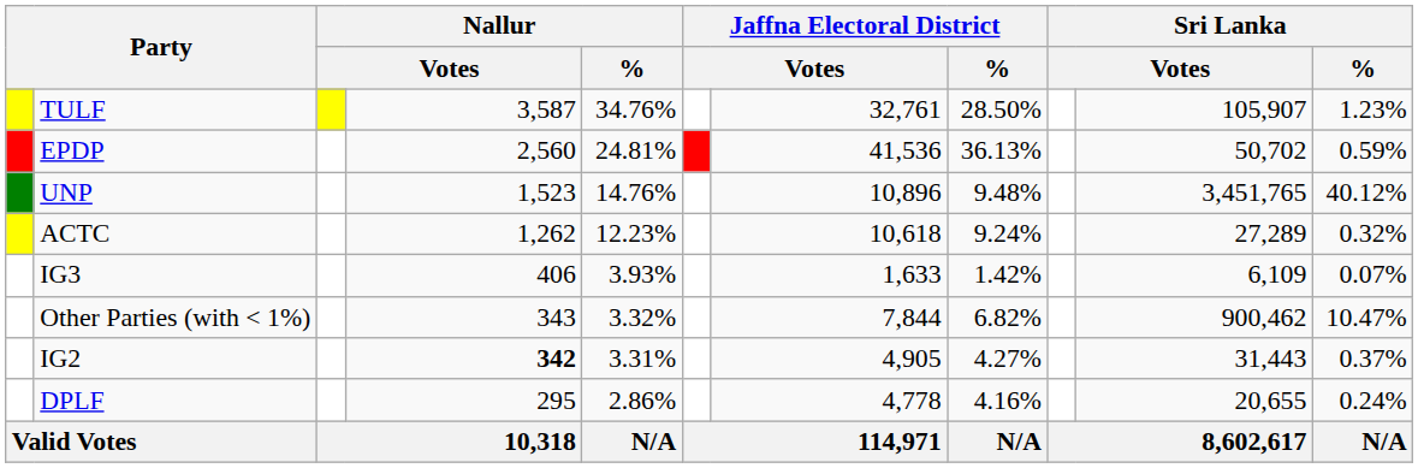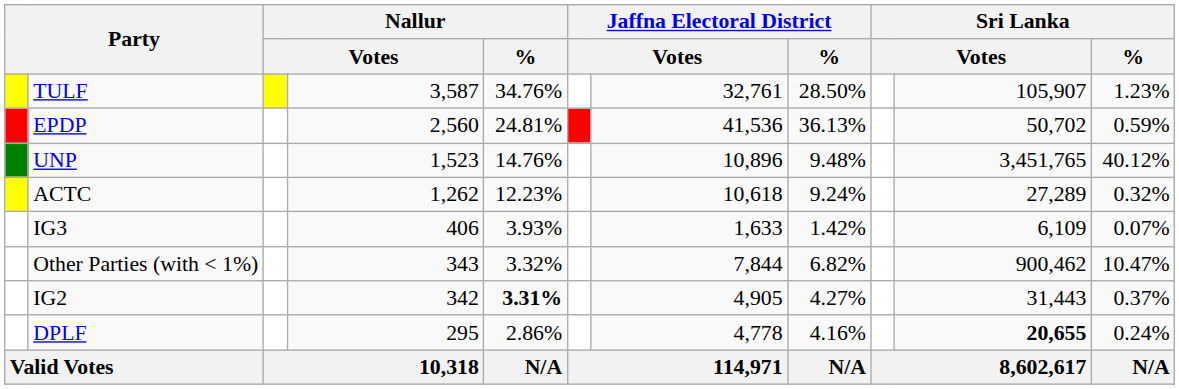 <table class="wikitable">
 <tr>
 <th colspan="2" width="144px"rowspan="2">Party</th>
 <th colspan="3" width="216px">Nallur</th>
 <th colspan="3" width="216px"><a href='#'>Jaffna Electoral District</a></th>
 <th colspan="3" width="216px">Sri Lanka</th>
 </tr>
 <tr>
 <th colspan="2" width="144px">Votes</th>
 <th>%</th>
 <th colspan="2" width="144px">Votes</th>
 <th>%</th>
 <th colspan="2" width="144px">Votes</th>
 <th>%</th>
 </tr>
 <tr>
 <td style="background-color:yellow;" width="10px"></td>
 <td style="text-align:left;"><a href='#'>TULF</a></td>
 <td style="background-color:yellow;" width="10px"></td>
 <td style="text-align:right;">3,587</td>
 <td style="text-align:right;">34.76%</td>
 <td style="background-color:white;" width="10px"></td>
 <td style="text-align:right;">32,761</td>
 <td style="text-align:right;">28.50%</td>
 <td style="background-color:white;" width="10px"></td>
 <td style="text-align:right;">105,907</td>
 <td style="text-align:right;">1.23%</td>
 </tr>
 <tr>
 <td style="background-color:red;" width="10px"></td>
 <td style="text-align:left;"><a href='#'>EPDP</a></td>
 <td style="background-color:white;" width="10px"></td>
 <td style="text-align:right;">2,560</td>
 <td style="text-align:right;">24.81%</td>
 <td style="background-color:red;" width="10px"></td>
 <td style="text-align:right;">41,536</td>
 <td style="text-align:right;">36.13%</td>
 <td style="background-color:white;" width="10px"></td>
 <td style="text-align:right;">50,702</td>
 <td style="text-align:right;">0.59%</td>
 </tr>
 <tr>
 <td style="background-color:green;" width="10px"></td>
 <td style="text-align:left;"><a href='#'>UNP</a></td>
 <td style="background-color:white;" width="10px"></td>
 <td style="text-align:right;">1,523</td>
 <td style="text-align:right;">14.76%</td>
 <td style="background-color:white;" width="10px"></td>
 <td style="text-align:right;">10,896</td>
 <td style="text-align:right;">9.48%</td>
 <td style="background-color:white;" width="10px"></td>
 <td style="text-align:right;">3,451,765</td>
 <td style="text-align:right;">40.12%</td>
 </tr>
 <tr>
 <td style="background-color:yellow;" width="10px"></td>
 <td style="text-align:left;">ACTC</td>
 <td style="background-color:white;" width="10px"></td>
 <td style="text-align:right;">1,262</td>
 <td style="text-align:right;">12.23%</td>
 <td style="background-color:white;" width="10px"></td>
 <td style="text-align:right;">10,618</td>
 <td style="text-align:right;">9.24%</td>
 <td style="background-color:white;" width="10px"></td>
 <td style="text-align:right;">27,289</td>
 <td style="text-align:right;">0.32%</td>
 </tr>
 <tr>
 <td style="background-color:white;" width="10px"></td>
 <td style="text-align:left;">IG3</td>
 <td style="background-color:white;" width="10px"></td>
 <td style="text-align:right;">406</td>
 <td style="text-align:right;">3.93%</td>
 <td style="background-color:white;" width="10px"></td>
 <td style="text-align:right;">1,633</td>
 <td style="text-align:right;">1.42%</td>
 <td style="background-color:white;" width="10px"></td>
 <td style="text-align:right;">6,109</td>
 <td style="text-align:right;">0.07%</td>
 </tr>
 <tr>
 <td style="background-color:white;" width="10px"></td>
 <td style="text-align:left;">Other Parties (with < 1%)</td>
 <td style="background-color:white;" width="10px"></td>
 <td style="text-align:right;">343</td>
 <td style="text-align:right;">3.32%</td>
 <td style="background-color:white;" width="10px"></td>
 <td style="text-align:right;">7,844</td>
 <td style="text-align:right;">6.82%</td>
 <td style="background-color:white;" width="10px"></td>
 <td style="text-align:right;">900,462</td>
 <td style="text-align:right;">10.47%</td>
 </tr>
 <tr>
 <td style="background-color:white;" width="10px"></td>
 <td style="text-align:left;">IG2</td>
 <td style="background-color:white;" width="10px"></td>
-<td style="text-align:right;"><strong>342</strong></td>
-<td style="text-align:right;">3.31%</td>
+<td style="text-align:right;">342</td>
+<td style="text-align:right;"><strong>3.31%</strong></td>
 <td style="background-color:white;" width="10px"></td>
 <td style="text-align:right;">4,905</td>
 <td style="text-align:right;">4.27%</td>
 <td style="background-color:white;" width="10px"></td>
 <td style="text-align:right;">31,443</td>
 <td style="text-align:right;">0.37%</td>
 </tr>
 <tr>
 <td style="background-color:white;" width="10px"></td>
 <td style="text-align:left;"><a href='#'>DPLF</a></td>
 <td style="background-color:white;" width="10px"></td>
 <td style="text-align:right;">295</td>
 <td style="text-align:right;">2.86%</td>
 <td style="background-color:white;" width="10px"></td>
 <td style="text-align:right;">4,778</td>
 <td style="text-align:right;">4.16%</td>
 <td style="background-color:white;" width="10px"></td>
-<td style="text-align:right;">20,655</td>
+<td style="text-align:right;"><strong>20,655</strong></td>
 <td style="text-align:right;">0.24%</td>
 </tr>
 <tr>
 <th colspan="2" width="144px"style="text-align:left;">Valid Votes</th>
 <th style="text-align:right;"colspan="2" width="144px">10,318</th>
 <th style="text-align:right;">N/A</th>
 <th style="text-align:right;"colspan="2" width="144px">114,971</th>
 <th style="text-align:right;">N/A</th>
 <th style="text-align:right;"colspan="2" width="144px">8,602,617</th>
 <th style="text-align:right;">N/A</th>
 </tr>
 </table>
